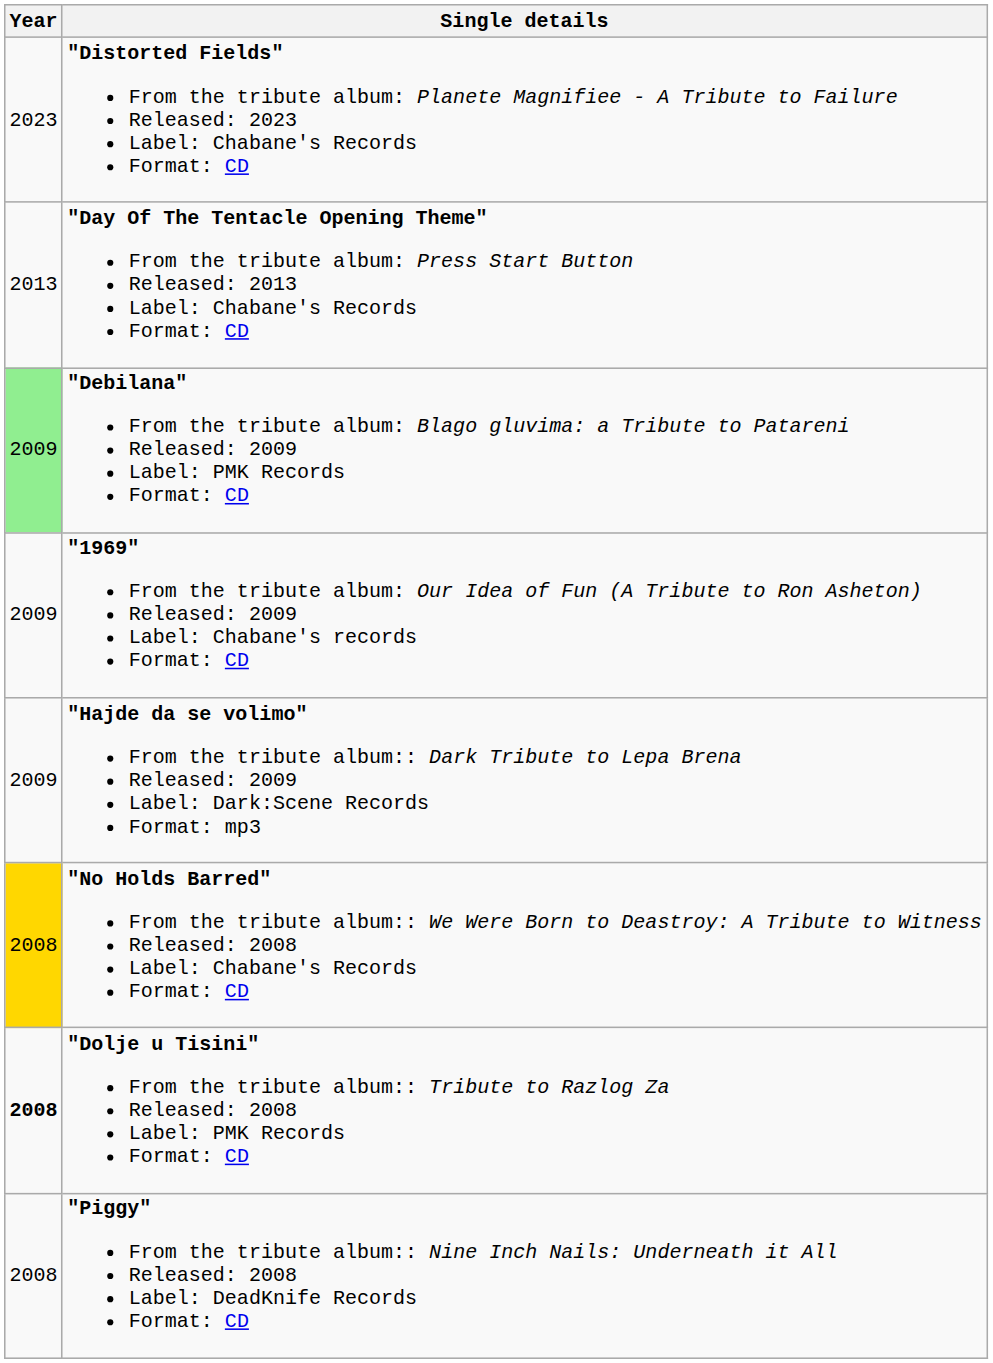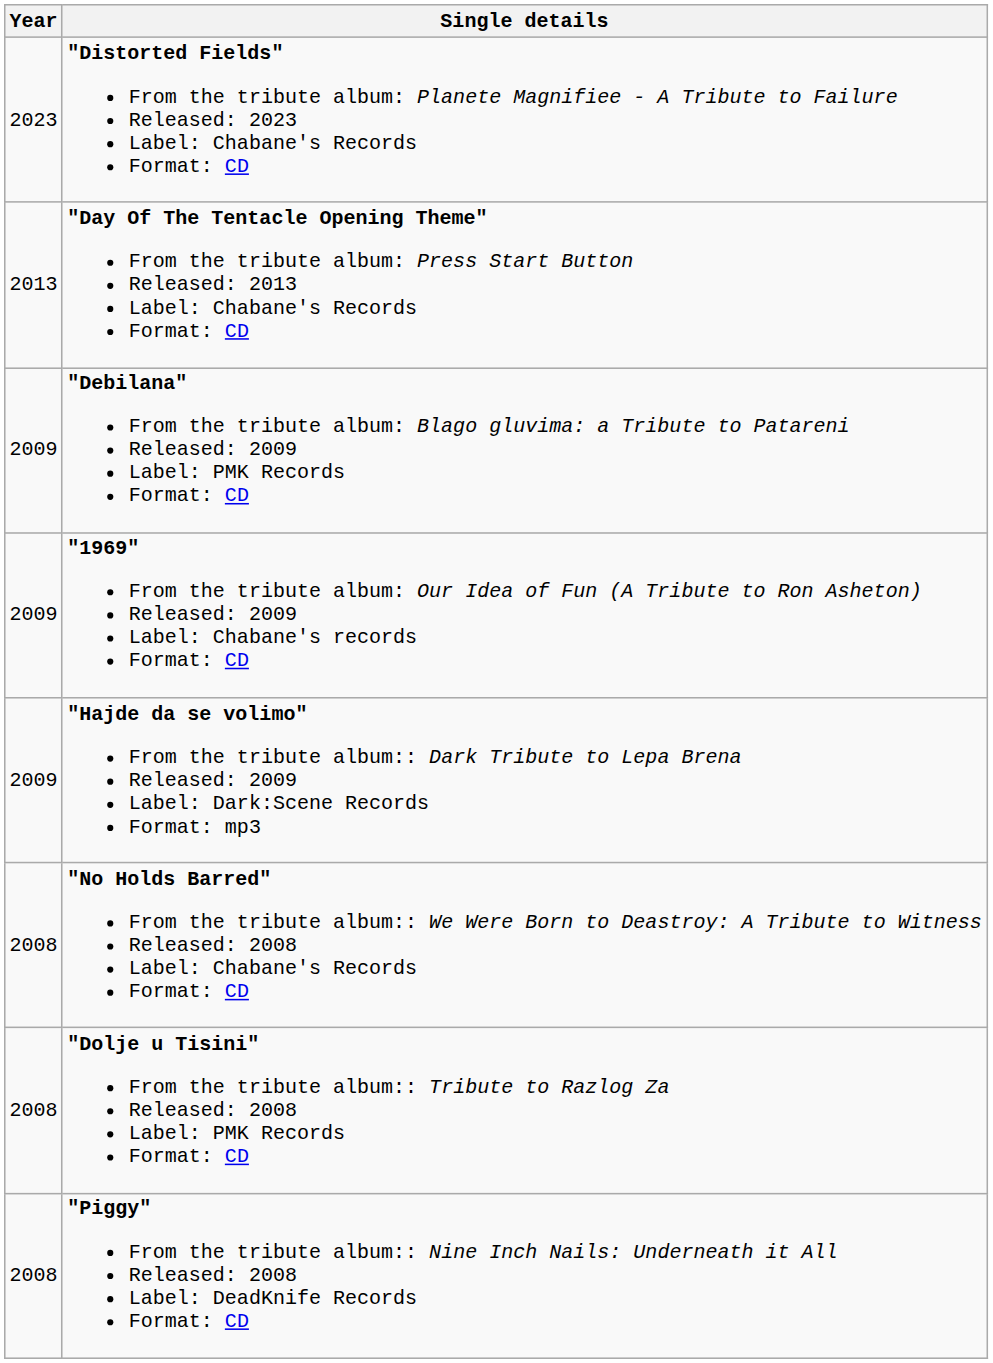 <table class ="wikitable">
 <tr>
 <th>Year</th>
 <th>Single details</th>
 </tr>
 <tr>
 <td align="center" rowspan="1">2023</td>
 <td><strong>"Distorted Fields"</strong><br><ul><li>From the tribute album: <em>Planete Magnifiee - A Tribute to Failure</em></li><li>Released: 2023</li><li>Label: Chabane's Records</li><li>Format: <a href='#'>CD</a></li></ul></td>
 </tr>
 <tr>
 <td align="center" rowspan="1">2013</td>
 <td><strong>"Day Of The Tentacle Opening Theme"</strong><br><ul><li>From the tribute album: <em>Press Start Button</em></li><li>Released: 2013</li><li>Label: Chabane's Records</li><li>Format: <a href='#'>CD</a></li></ul></td>
 </tr>
 <tr>
-<td align="center" rowspan="1" style="background: lightgreen;">2009</td>
+<td align="center" rowspan="1">2009</td>
 <td><strong>"Debilana"</strong><br><ul><li>From the tribute album: <em>Blago gluvima: a Tribute to Patareni</em></li><li>Released: 2009</li><li>Label: PMK Records</li><li>Format: <a href='#'>CD</a></li></ul></td>
 </tr>
 <tr>
 <td align="center" rowspan="1">2009</td>
 <td><strong>"1969"</strong><br><ul><li>From the tribute album: <em>Our Idea of Fun (A Tribute to Ron Asheton)</em></li><li>Released: 2009</li><li>Label: Chabane's records</li><li>Format: <a href='#'>CD</a></li></ul></td>
 </tr>
 <tr>
 <td align="center" rowspan="1">2009</td>
 <td><strong>"Hajde da se volimo"</strong><br><ul><li>From the tribute album:: <em>Dark Tribute to Lepa Brena</em></li><li>Released: 2009</li><li>Label: Dark:Scene Records</li><li>Format: mp3</li></ul></td>
 </tr>
 <tr>
-<td align="center" rowspan="1" style="background: gold;">2008</td>
+<td align="center" rowspan="1">2008</td>
 <td><strong>"No Holds Barred"</strong><br><ul><li>From the tribute album:: <em>We Were Born to Deastroy: A Tribute to Witness</em></li><li>Released: 2008</li><li>Label: Chabane's Records</li><li>Format: <a href='#'>CD</a></li></ul></td>
 </tr>
 <tr>
-<td align="center" rowspan="1"><strong>2008</strong></td>
+<td align="center" rowspan="1">2008</td>
 <td><strong>"Dolje u Tisini"</strong><br><ul><li>From the tribute album:: <em>Tribute to Razlog Za</em></li><li>Released: 2008</li><li>Label: PMK Records</li><li>Format: <a href='#'>CD</a></li></ul></td>
 </tr>
 <tr>
 <td align="center" rowspan="1">2008</td>
 <td><strong>"Piggy"</strong><br><ul><li>From the tribute album:: <em>Nine Inch Nails: Underneath it All</em></li><li>Released: 2008</li><li>Label: DeadKnife Records</li><li>Format: <a href='#'>CD</a></li></ul></td>
 </tr>
 <tr>
 </tr>
 </table>
